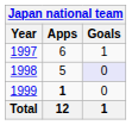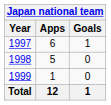 <table class="wikitable" style="text-align:center">
 <tr>
 <th colspan=3><a href='#'>Japan national team</a></th>
 </tr>
 <tr>
 <th>Year</th>
 <th>Apps</th>
 <th>Goals</th>
 </tr>
 <tr>
 <td><a href='#'>1997</a></td>
 <td>6</td>
 <td>1</td>
 </tr>
 <tr>
 <td><a href='#'>1998</a></td>
 <td>5</td>
-<td style="background: lavender;">0</td>
+<td>0</td>
 </tr>
 <tr>
 <td><a href='#'>1999</a></td>
-<td><strong>1</strong></td>
+<td>1</td>
 <td>0</td>
 </tr>
 <tr>
 <th>Total</th>
 <th>12</th>
 <th>1</th>
 </tr>
 </table>
